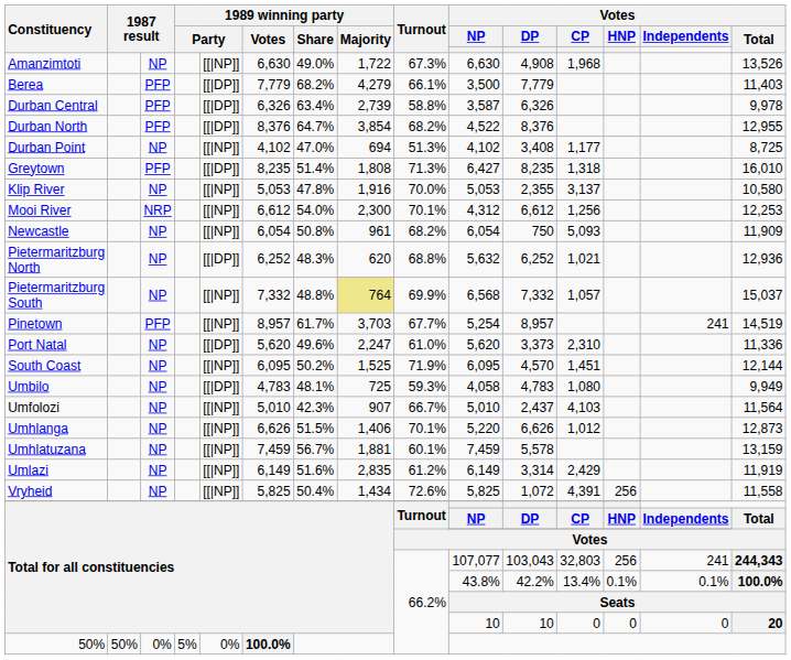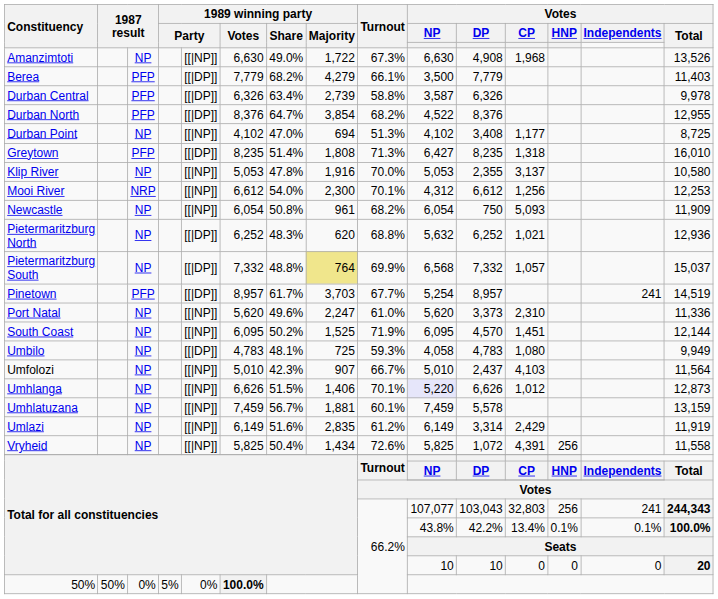 <table class="wikitable sortable" style="text-align:right; font-size:95%">
 <tr>
 <th rowspan="3" scope="col" style="text-align:left;">Constituency</th>
 <th colspan="2" rowspan="3" scope="col">1987<br>result</th>
 <th colspan="5">1989 winning party</th>
 <th rowspan="3" scope="col">Turnout</th>
 <th colspan="6" scope="col">Votes</th>
 </tr>
 <tr>
 <th colspan="2" rowspan="2">Party</th>
 <th rowspan="2" scope="col">Votes</th>
 <th rowspan="2" scope="col">Share</th>
 <th rowspan="2" scope="col">Majority</th>
 <th scope="col"><a href='#'>NP</a></th>
 <th scope="col"><a href='#'>DP</a></th>
 <th scope="col"><a href='#'>CP</a></th>
 <th scope="col"><a href='#'>HNP</a></th>
 <th scope="col"><a href='#'>Independents</a></th>
 <th rowspan="2" scope="col">Total</th>
 </tr>
 <tr>
 <th scope="col" style="background:"></th>
 <th scope="col" style="background:"></th>
 <th scope="col" style="background:"></th>
 <th scope="col" style="background:"></th>
 </tr>
 <tr>
 <td style="text-align:left;"><a href='#'>Amanzimtoti</a></td>
 <td style="background:"></td>
 <td style="text-align:center;"><a href='#'>NP</a></td>
 <td style="background:"></td>
 <td style="text-align:center;">[[|NP]]</td>
 <td>6,630</td>
 <td>49.0%</td>
 <td>1,722</td>
 <td>67.3%</td>
 <td>6,630</td>
 <td>4,908</td>
 <td>1,968</td>
 <td></td>
 <td></td>
 <td>13,526</td>
 </tr>
 <tr>
 <td style="text-align:left;"><a href='#'>Berea</a></td>
 <td style="background:"></td>
 <td style="text-align:center;"><a href='#'>PFP</a></td>
 <td style="background:"></td>
 <td style="text-align:center;">[[|DP]]</td>
 <td>7,779</td>
 <td>68.2%</td>
 <td>4,279</td>
 <td>66.1%</td>
 <td>3,500</td>
 <td>7,779</td>
 <td></td>
 <td></td>
 <td></td>
 <td>11,403</td>
 </tr>
 <tr>
 <td style="text-align:left;"><a href='#'>Durban Central</a></td>
 <td style="background:"></td>
 <td style="text-align:center;"><a href='#'>PFP</a></td>
 <td style="background:"></td>
 <td style="text-align:center;">[[|DP]]</td>
 <td>6,326</td>
 <td>63.4%</td>
 <td>2,739</td>
 <td>58.8%</td>
 <td>3,587</td>
 <td>6,326</td>
 <td></td>
 <td></td>
 <td></td>
 <td>9,978</td>
 </tr>
 <tr>
 <td style="text-align:left;"><a href='#'>Durban North</a></td>
 <td style="background:"></td>
 <td style="text-align:center;"><a href='#'>PFP</a></td>
 <td style="background:"></td>
 <td style="text-align:center;">[[|DP]]</td>
 <td>8,376</td>
 <td>64.7%</td>
 <td>3,854</td>
 <td>68.2%</td>
 <td>4,522</td>
 <td>8,376</td>
 <td></td>
 <td></td>
 <td></td>
 <td>12,955</td>
 </tr>
 <tr>
 <td style="text-align:left;"><a href='#'>Durban Point</a></td>
 <td style="background:"></td>
 <td style="text-align:center;"><a href='#'>NP</a></td>
 <td style="background:"></td>
 <td style="text-align:center;">[[|NP]]</td>
 <td>4,102</td>
 <td>47.0%</td>
 <td>694</td>
 <td>51.3%</td>
 <td>4,102</td>
 <td>3,408</td>
 <td>1,177</td>
 <td></td>
 <td></td>
 <td>8,725</td>
 </tr>
 <tr>
 <td style="text-align:left;"><a href='#'>Greytown</a></td>
 <td style="background:"></td>
 <td style="text-align:center;"><a href='#'>PFP</a></td>
 <td style="background:"></td>
 <td style="text-align:center;">[[|DP]]</td>
 <td>8,235</td>
 <td>51.4%</td>
 <td>1,808</td>
 <td>71.3%</td>
 <td>6,427</td>
 <td>8,235</td>
 <td>1,318</td>
 <td></td>
 <td></td>
 <td>16,010</td>
 </tr>
 <tr>
 <td style="text-align:left;"><a href='#'>Klip River</a></td>
 <td style="background:"></td>
 <td style="text-align:center;"><a href='#'>NP</a></td>
 <td style="background:"></td>
 <td style="text-align:center;">[[|NP]]</td>
 <td>5,053</td>
 <td>47.8%</td>
 <td>1,916</td>
 <td>70.0%</td>
 <td>5,053</td>
 <td>2,355</td>
 <td>3,137</td>
 <td></td>
 <td></td>
 <td>10,580</td>
 </tr>
 <tr>
 <td style="text-align:left;"><a href='#'>Mooi River</a></td>
 <td style="background:"></td>
 <td style="text-align:center;"><a href='#'>NRP</a></td>
 <td style="background:"></td>
 <td style="text-align:center;">[[|NP]]</td>
 <td>6,612</td>
 <td>54.0%</td>
 <td>2,300</td>
 <td>70.1%</td>
 <td>4,312</td>
 <td>6,612</td>
 <td>1,256</td>
 <td></td>
 <td></td>
 <td>12,253</td>
 </tr>
 <tr>
 <td style="text-align:left;"><a href='#'>Newcastle</a></td>
 <td style="background:"></td>
 <td style="text-align:center;"><a href='#'>NP</a></td>
 <td style="background:"></td>
 <td style="text-align:center;">[[|NP]]</td>
 <td>6,054</td>
 <td>50.8%</td>
 <td>961</td>
 <td>68.2%</td>
 <td>6,054</td>
 <td>750</td>
 <td>5,093</td>
 <td></td>
 <td></td>
 <td>11,909</td>
 </tr>
 <tr>
 <td style="text-align:left;"><a href='#'>Pietermaritzburg North</a></td>
 <td style="background:"></td>
 <td style="text-align:center;"><a href='#'>NP</a></td>
 <td style="background:"></td>
 <td style="text-align:center;">[[|DP]]</td>
 <td>6,252</td>
 <td>48.3%</td>
 <td>620</td>
 <td>68.8%</td>
 <td>5,632</td>
 <td>6,252</td>
 <td>1,021</td>
 <td></td>
 <td></td>
 <td>12,936</td>
 </tr>
 <tr>
 <td style="text-align:left;"><a href='#'>Pietermaritzburg South</a></td>
 <td style="background:"></td>
 <td style="text-align:center;"><a href='#'>NP</a></td>
 <td style="background:"></td>
-<td style="text-align:center;">[[|NP]]</td>
+<td style="text-align:center;">[[|DP]]</td>
 <td>7,332</td>
 <td>48.8%</td>
 <td style="background: khaki;">764</td>
 <td>69.9%</td>
 <td>6,568</td>
 <td>7,332</td>
 <td>1,057</td>
 <td></td>
 <td></td>
 <td>15,037</td>
 </tr>
 <tr>
 <td style="text-align:left;"><a href='#'>Pinetown</a></td>
 <td style="background:"></td>
 <td style="text-align:center;"><a href='#'>PFP</a></td>
 <td style="background:"></td>
-<td style="text-align:center;">[[|NP]]</td>
+<td style="text-align:center;">[[|DP]]</td>
 <td>8,957</td>
 <td>61.7%</td>
 <td>3,703</td>
 <td>67.7%</td>
 <td>5,254</td>
 <td>8,957</td>
 <td></td>
 <td></td>
 <td>241</td>
 <td>14,519</td>
 </tr>
 <tr>
 <td style="text-align:left;"><a href='#'>Port Natal</a></td>
 <td style="background:"></td>
 <td style="text-align:center;"><a href='#'>NP</a></td>
 <td style="background:"></td>
-<td style="text-align:center;">[[|DP]]</td>
+<td style="text-align:center;">[[|NP]]</td>
 <td>5,620</td>
 <td>49.6%</td>
 <td>2,247</td>
 <td>61.0%</td>
 <td>5,620</td>
 <td>3,373</td>
 <td>2,310</td>
 <td></td>
 <td></td>
 <td>11,336</td>
 </tr>
 <tr>
 <td style="text-align:left;"><a href='#'>South Coast</a></td>
 <td style="background:"></td>
 <td style="text-align:center;"><a href='#'>NP</a></td>
 <td style="background:"></td>
 <td style="text-align:center;">[[|NP]]</td>
 <td>6,095</td>
 <td>50.2%</td>
 <td>1,525</td>
 <td>71.9%</td>
 <td>6,095</td>
 <td>4,570</td>
 <td>1,451</td>
 <td></td>
 <td></td>
 <td>12,144</td>
 </tr>
 <tr>
 <td style="text-align:left;"><a href='#'>Umbilo</a></td>
 <td style="background:"></td>
 <td style="text-align:center;"><a href='#'>NP</a></td>
 <td style="background:"></td>
 <td style="text-align:center;">[[|DP]]</td>
 <td>4,783</td>
 <td>48.1%</td>
 <td>725</td>
 <td>59.3%</td>
 <td>4,058</td>
 <td>4,783</td>
 <td>1,080</td>
 <td></td>
 <td></td>
 <td>9,949</td>
 </tr>
 <tr>
 <td style="text-align:left;">Umfolozi</td>
 <td style="background:"></td>
 <td style="text-align:center;"><a href='#'>NP</a></td>
 <td style="background:"></td>
 <td style="text-align:center;">[[|NP]]</td>
 <td>5,010</td>
 <td>42.3%</td>
 <td>907</td>
 <td>66.7%</td>
 <td>5,010</td>
 <td>2,437</td>
 <td>4,103</td>
 <td></td>
 <td></td>
 <td>11,564</td>
 </tr>
 <tr>
 <td style="text-align:left;"><a href='#'>Umhlanga</a></td>
 <td style="background:"></td>
 <td style="text-align:center;"><a href='#'>NP</a></td>
 <td style="background:"></td>
 <td style="text-align:center;">[[|NP]]</td>
 <td>6,626</td>
 <td>51.5%</td>
 <td>1,406</td>
 <td>70.1%</td>
-<td>5,220</td>
+<td style="background: lavender;">5,220</td>
 <td>6,626</td>
 <td>1,012</td>
 <td></td>
 <td></td>
 <td>12,873</td>
 </tr>
 <tr>
 <td style="text-align:left;"><a href='#'>Umhlatuzana</a></td>
 <td style="background:"></td>
 <td style="text-align:center;"><a href='#'>NP</a></td>
 <td style="background:"></td>
 <td style="text-align:center;">[[|NP]]</td>
 <td>7,459</td>
 <td>56.7%</td>
 <td>1,881</td>
 <td>60.1%</td>
 <td>7,459</td>
 <td>5,578</td>
 <td></td>
 <td></td>
 <td></td>
 <td>13,159</td>
 </tr>
 <tr>
 <td style="text-align:left;"><a href='#'>Umlazi</a></td>
 <td style="background:"></td>
 <td style="text-align:center;"><a href='#'>NP</a></td>
 <td style="background:"></td>
 <td style="text-align:center;">[[|NP]]</td>
 <td>6,149</td>
 <td>51.6%</td>
 <td>2,835</td>
 <td>61.2%</td>
 <td>6,149</td>
 <td>3,314</td>
 <td>2,429</td>
 <td></td>
 <td></td>
 <td>11,919</td>
 </tr>
 <tr>
 <td style="text-align:left;"><a href='#'>Vryheid</a></td>
 <td style="background:"></td>
 <td style="text-align:center;"><a href='#'>NP</a></td>
 <td style="background:"></td>
 <td style="text-align:center;">[[|NP]]</td>
 <td>5,825</td>
 <td>50.4%</td>
 <td>1,434</td>
 <td>72.6%</td>
 <td>5,825</td>
 <td>1,072</td>
 <td>4,391</td>
 <td>256</td>
 <td></td>
 <td>11,558</td>
 </tr>
 <tr>
 </tr>
 <tr class="sortbottom">
 <th colspan="8" rowspan="8" scope="col" style="text-align:left;">Total for all constituencies</th>
 <th rowspan="3" scope="col">Turnout</th>
 <th scope="col" style="background:"></th>
 <th scope="col" style="background:"></th>
 <th scope="col" style="background:"></th>
 <th scope="col" style="background:"></th>
 </tr>
 <tr class="sortbottom">
 <th scope="col"><a href='#'>NP</a></th>
 <th scope="col"><a href='#'>DP</a></th>
 <th scope="col"><a href='#'>CP</a></th>
 <th scope="col"><a href='#'>HNP</a></th>
 <th scope="col"><a href='#'>Independents</a></th>
 <th rowspan="2" scope="col">Total</th>
 </tr>
 <tr>
 </tr>
 <tr class="sortbottom">
 <th colspan="7">Votes</th>
 </tr>
 <tr class="sortbottom">
 <td rowspan="5" style="text-align:right;">66.2%</td>
 <td>107,077</td>
 <td>103,043</td>
 <td>32,803</td>
 <td>256</td>
 <td>241</td>
 <th scope="col" style="text-align:right;">244,343</th>
 </tr>
 <tr class="sortbottom">
 <td>43.8%</td>
 <td>42.2%</td>
 <td>13.4%</td>
 <td>0.1%</td>
 <td>0.1%</td>
 <th scope="col" style="text-align:right;">100.0%</th>
 </tr>
 <tr class="sortbottom">
 <th colspan="8">Seats</th>
 </tr>
 <tr class="sortbottom">
 <td>10</td>
 <td>10</td>
 <td>0</td>
 <td>0</td>
 <td>0</td>
 <th scope="col" style="text-align:right;">20</th>
 </tr>
 <tr class="sortbottom">
 <td>50%</td>
 <td>50%</td>
 <td>0%</td>
 <td>5%</td>
 <td>0%</td>
 <th scope="col" style="text-align:right;">100.0%</th>
 </tr>
 </table>
